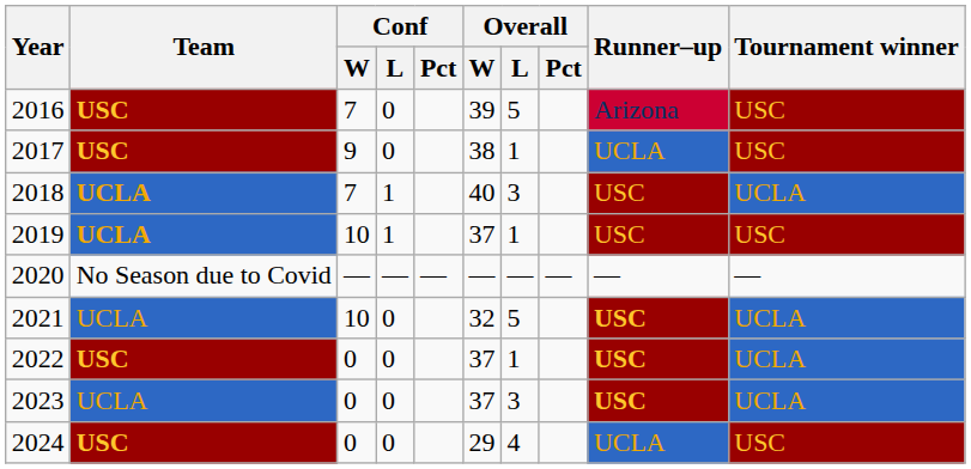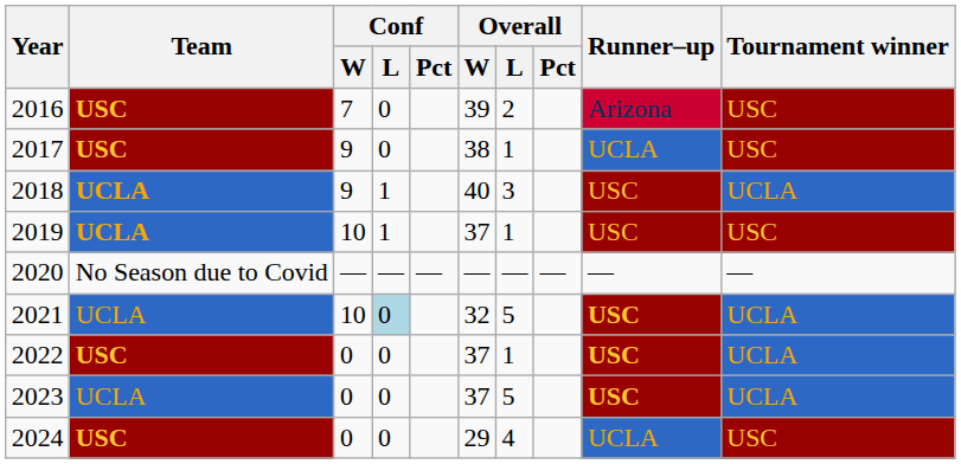 <table class="wikitable">
 <tr>
 <th rowspan=2>Year</th>
 <th rowspan=2>Team</th>
 <th colspan=3>Conf</th>
 <th colspan=3>Overall</th>
 <th rowspan=2>Runner–up</th>
 <th rowspan=2>Tournament winner</th>
 </tr>
 <tr>
 <th>W</th>
 <th>L</th>
 <th>Pct</th>
 <th>W</th>
 <th>L</th>
 <th>Pct</th>
 </tr>
 <tr>
 <td>2016</td>
 <td style="background:#990000; color:#FFC72C;"><strong>USC</strong></td>
 <td>7</td>
 <td>0</td>
 <td></td>
 <td>39</td>
-<td>5</td>
+<td>2</td>
 <td></td>
 <td style="background:#CC0033; color:#003366;">Arizona</td>
 <td style="background:#990000; color:#FFC72C;">USC</td>
 </tr>
 <tr>
 <td>2017</td>
 <td style="background:#990000; color:#FFC72C;"><strong>USC</strong></td>
 <td>9</td>
 <td>0</td>
 <td></td>
 <td>38</td>
 <td>1</td>
 <td></td>
 <td style="background:#2D68C4; color:#F2A900;">UCLA</td>
 <td style="background:#990000; color:#FFC72C;">USC</td>
 </tr>
 <tr>
 <td>2018</td>
 <td style="background:#2D68C4; color:#F2A900;"><strong>UCLA</strong></td>
-<td>7</td>
+<td>9</td>
 <td>1</td>
 <td></td>
 <td>40</td>
 <td>3</td>
 <td></td>
 <td style="background:#990000; color:#FFC72C;">USC</td>
 <td style="background:#2D68C4; color:#F2A900;">UCLA</td>
 </tr>
 <tr>
 <td>2019</td>
 <td style="background:#2D68C4; color:#F2A900;"><strong>UCLA</strong></td>
 <td>10</td>
 <td>1</td>
 <td></td>
 <td>37</td>
 <td>1</td>
 <td></td>
 <td style="background:#990000; color:#FFC72C;">USC</td>
 <td style="background:#990000; color:#FFC72C;">USC</td>
 </tr>
 <tr>
 <td>2020</td>
 <td>No Season due to Covid</td>
 <td>―</td>
 <td>―</td>
 <td>―</td>
 <td>―</td>
 <td>―</td>
 <td>―</td>
 <td>―</td>
 <td>―</td>
 </tr>
 <tr>
 <td>2021</td>
 <td style="background:#2D68C4; color:#F2A900;">UCLA</td>
 <td>10</td>
-<td>0</td>
+<td style="background: lightblue;">0</td>
 <td></td>
 <td>32</td>
 <td>5</td>
 <td></td>
 <td style="background:#990000; color:#FFC72C;"><strong>USC</strong></td>
 <td style="background:#2D68C4; color:#F2A900;">UCLA</td>
 </tr>
 <tr>
 <td>2022</td>
 <td style="background:#990000; color:#FFC72C;"><strong>USC</strong></td>
 <td>0</td>
 <td>0</td>
 <td></td>
 <td>37</td>
 <td>1</td>
 <td></td>
 <td style="background:#990000; color:#FFC72C;"><strong>USC</strong></td>
 <td style="background:#2D68C4; color:#F2A900;">UCLA</td>
 </tr>
 <tr>
 <td>2023</td>
 <td style="background:#2D68C4; color:#F2A900;">UCLA</td>
 <td>0</td>
 <td>0</td>
 <td></td>
 <td>37</td>
-<td>3</td>
+<td>5</td>
 <td></td>
 <td style="background:#990000; color:#FFC72C;"><strong>USC</strong></td>
 <td style="background:#2D68C4; color:#F2A900;">UCLA</td>
 </tr>
 <tr>
 <td>2024</td>
 <td style="background:#990000; color:#FFC72C;"><strong>USC</strong></td>
 <td>0</td>
 <td>0</td>
 <td></td>
 <td>29</td>
 <td>4</td>
 <td></td>
 <td style="background:#2D68C4; color:#F2A900;">UCLA</td>
 <td style="background:#990000; color:#FFC72C;">USC</td>
 </tr>
 </table>
